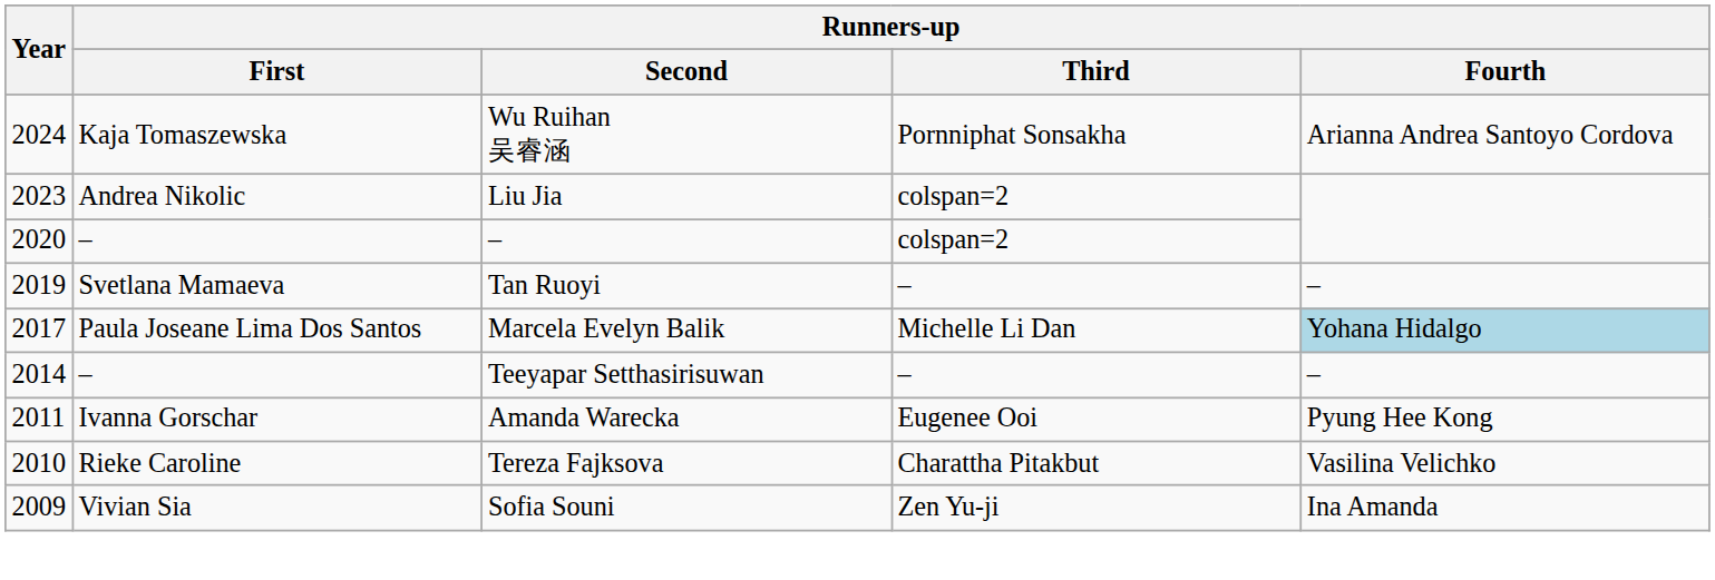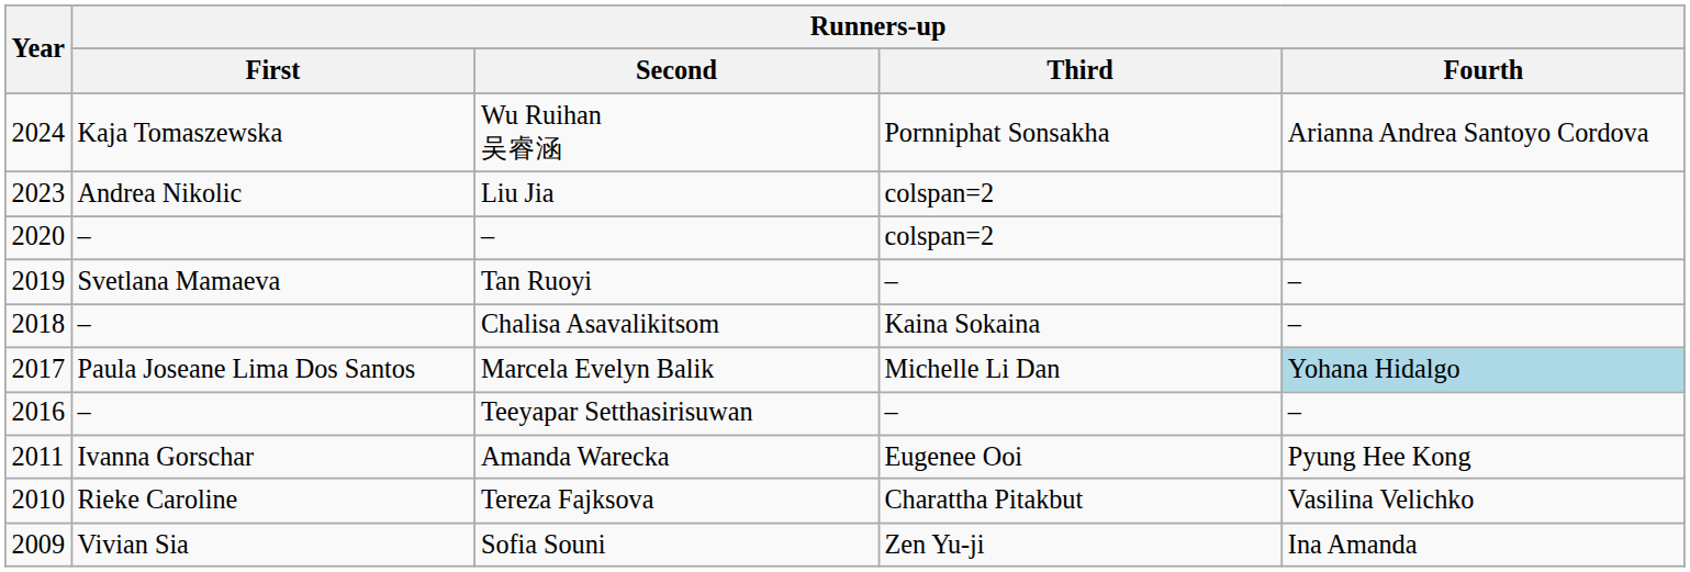 <table class="wikitable sortable" style="font-size:85%;">
 <tr>
 <th rowspan="2">Year</th>
 <th colspan="4">Runners-up</th>
 </tr>
 <tr>
 <th width="200">First</th>
 <th width="200">Second</th>
 <th width="200">Third</th>
 <th width="200">Fourth</th>
 </tr>
 <tr>
 <td>2024</td>
 <td>Kaja Tomaszewska<br></td>
 <td>Wu Ruihan<br>吴睿涵 </td>
 <td>Pornniphat Sonsakha<br></td>
 <td>Arianna Andrea Santoyo Cordova<br></td>
 </tr>
 <tr>
 <td>2023</td>
 <td>Andrea Nikolic<br></td>
 <td>Liu Jia<br></td>
 <td>colspan=2 </td>
 </tr>
 <tr>
 <td>2020</td>
 <td>–<br></td>
 <td>–<br></td>
 <td>colspan=2 </td>
 </tr>
 <tr>
 <td>2019</td>
 <td>Svetlana Mamaeva<br></td>
 <td>Tan Ruoyi<br></td>
 <td>–<br></td>
 <td>–<br></td>
 </tr>
 <tr>
+<td>2018</td>
+<td>–<br></td>
+<td>Chalisa Asavalikitsom<br></td>
+<td>Kaina Sokaina<br></td>
+<td>–<br></td>
+</tr>
+<tr>
 <td>2017</td>
 <td>Paula Joseane Lima Dos Santos<br></td>
 <td>Marcela Evelyn Balik<br></td>
 <td>Michelle Li Dan<br></td>
 <td style="background: lightblue;">Yohana Hidalgo<br></td>
 </tr>
 <tr>
-<td>2014</td>
+<td>2016</td>
 <td>–<br></td>
 <td>Teeyapar Setthasirisuwan<br></td>
 <td>–<br></td>
 <td>–<br></td>
 </tr>
 <tr>
 <td>2011</td>
 <td>Ivanna Gorschar<br></td>
 <td>Amanda Warecka<br></td>
 <td>Eugenee Ooi<br></td>
 <td>Pyung Hee Kong<br></td>
 </tr>
 <tr>
 <td>2010</td>
 <td>Rieke Caroline<br></td>
 <td>Tereza Fajksova<br></td>
 <td>Charattha Pitakbut<br></td>
 <td>Vasilina Velichko<br></td>
 </tr>
 <tr>
 <td>2009</td>
 <td>Vivian Sia<br></td>
 <td>Sofia Souni<br></td>
 <td>Zen Yu-ji<br></td>
 <td>Ina Amanda<br></td>
 </tr>
 </table>
